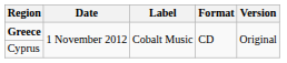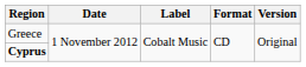 <table class="sortable wikitable">
 <tr>
 <th>Region</th>
 <th>Date</th>
 <th>Label</th>
 <th>Format</th>
 <th>Version</th>
 </tr>
 <tr>
-<td><strong>Greece</strong></td>
+<td>Greece</td>
 <td rowspan="2">1 November 2012</td>
 <td rowspan="2">Cobalt Music</td>
 <td rowspan="2">CD</td>
 <td rowspan="2">Original</td>
 </tr>
 <tr>
-<td>Cyprus</td>
+<td><strong>Cyprus</strong></td>
 </tr>
 </table>
